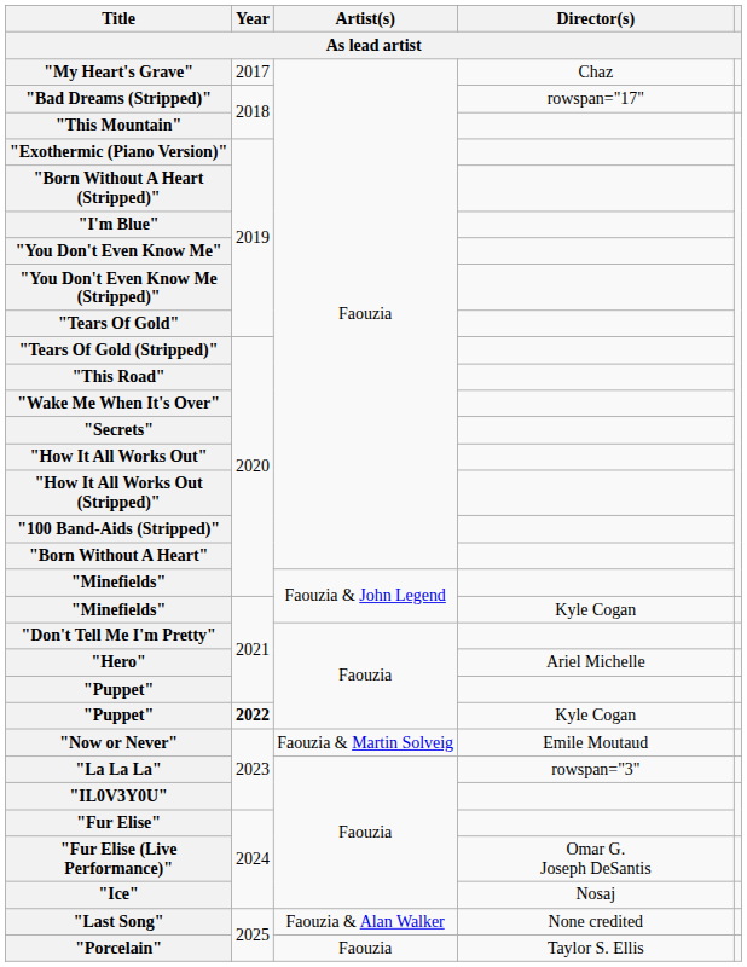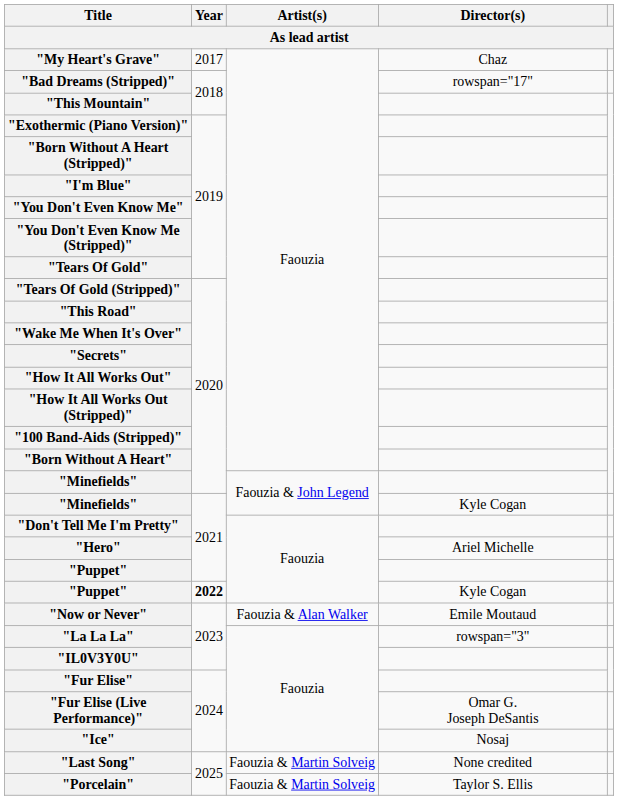 <table class="wikitable plainrowheaders" style="text-align:center;">
 <tr>
 <th scope="col" style="width:13em;">Title</th>
 <th scope="col">Year</th>
 <th scope="col">Artist(s)</th>
 <th scope="col" style="width:16em;">Director(s)</th>
 <th></th>
 </tr>
 <tr>
 <th colspan="5" scope="col">As lead artist</th>
 </tr>
 <tr>
 <th scope="row">"My Heart's Grave"</th>
 <td>2017</td>
 <td rowspan="17">Faouzia</td>
 <td>Chaz</td>
 <td></td>
 </tr>
 <tr>
 <th scope="row">"Bad Dreams (Stripped)"</th>
 <td rowspan="2">2018</td>
 <td>rowspan="17" </td>
 <td></td>
 </tr>
 <tr>
 <th scope="row">"This Mountain"</th>
 <td></td>
 </tr>
 <tr>
 <th scope="row">"Exothermic (Piano Version)"</th>
 <td rowspan="6">2019</td>
 <td></td>
 </tr>
 <tr>
 <th scope="row">"Born Without A Heart (Stripped)"</th>
 <td></td>
 </tr>
 <tr>
 <th scope="row">"I'm Blue"</th>
 <td></td>
 </tr>
 <tr>
 <th scope="row">"You Don't Even Know Me"</th>
 <td></td>
 </tr>
 <tr>
 <th scope="row">"You Don't Even Know Me (Stripped)"</th>
 <td></td>
 </tr>
 <tr>
 <th scope="row">"Tears Of Gold"</th>
 <td></td>
 </tr>
 <tr>
 <th scope="row">"Tears Of Gold (Stripped)"</th>
 <td rowspan="9">2020</td>
 <td></td>
 </tr>
 <tr>
 <th scope="row">"This Road"</th>
 <td></td>
 </tr>
 <tr>
 <th scope="row">"Wake Me When It's Over"</th>
 <td></td>
 </tr>
 <tr>
 <th scope="row">"Secrets"</th>
 <td></td>
 </tr>
 <tr>
 <th scope="row">"How It All Works Out"</th>
 <td></td>
 </tr>
 <tr>
 <th scope="row">"How It All Works Out (Stripped)"</th>
 <td></td>
 </tr>
 <tr>
 <th scope="row">"100 Band-Aids (Stripped)"</th>
 <td></td>
 </tr>
 <tr>
 <th scope="row">"Born Without A Heart" </th>
 <td></td>
 </tr>
 <tr>
 <th scope="row">"Minefields" </th>
 <td rowspan="2">Faouzia & <a href='#'>John Legend</a></td>
 <td></td>
 </tr>
 <tr>
 <th scope="row">"Minefields"</th>
 <td rowspan="4">2021</td>
 <td>Kyle Cogan</td>
 <td></td>
 </tr>
 <tr>
 <th scope="row">"Don't Tell Me I'm Pretty"</th>
 <td rowspan="4">Faouzia</td>
 <td></td>
 <td></td>
 </tr>
 <tr>
 <th scope="row">"Hero"</th>
 <td>Ariel Michelle</td>
 <td></td>
 </tr>
 <tr>
 <th scope="row">"Puppet" </th>
 <td></td>
 <td></td>
 </tr>
 <tr>
 <th scope="row">"Puppet"</th>
 <td><strong>2022</strong></td>
 <td>Kyle Cogan</td>
 <td></td>
 </tr>
 <tr>
 <th scope="row">"Now or Never"</th>
 <td rowspan="3">2023</td>
-<td>Faouzia & <a href='#'>Martin Solveig</a></td>
+<td rowspan="1">Faouzia & <a href='#'>Alan Walker</a></td>
 <td>Emile Moutaud</td>
 <td></td>
 </tr>
 <tr>
 <th scope="row">"La La La" </th>
 <td rowspan="5">Faouzia</td>
 <td>rowspan="3" </td>
 <td></td>
 </tr>
 <tr>
 <th scope="row">"IL0V3Y0U" </th>
 <td></td>
 </tr>
 <tr>
 <th scope="row">"Fur Elise" </th>
 <td rowspan="3">2024</td>
 <td></td>
 </tr>
 <tr>
 <th scope="row">"Fur Elise (Live Performance)"</th>
 <td>Omar G.<br>Joseph DeSantis</td>
 <td></td>
 </tr>
 <tr>
 <th scope="row">"Ice"</th>
 <td>Nosaj</td>
 <td></td>
 </tr>
 <tr>
 <th scope="row">"Last Song" </th>
 <td rowspan="2">2025</td>
-<td rowspan="1">Faouzia & <a href='#'>Alan Walker</a></td>
+<td>Faouzia & <a href='#'>Martin Solveig</a></td>
 <td>None credited</td>
 <td></td>
 </tr>
 <tr>
 <th scope="row">"Porcelain"</th>
-<td rowspan="1">Faouzia</td>
+<td>Faouzia & <a href='#'>Martin Solveig</a></td>
 <td>Taylor S. Ellis</td>
 <td></td>
 </tr>
 </table>
